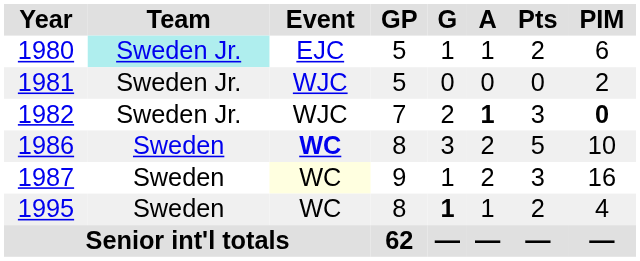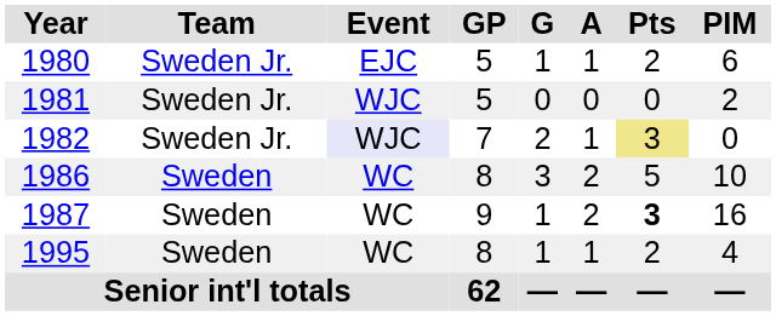 <table border="0" cellpadding="1" cellspacing="0" ID="Table3" style="text-align:center; width:25em">
 <tr bgcolor="#e0e0e0">
 <th>Year</th>
 <th>Team</th>
 <th>Event</th>
 <th>GP</th>
 <th>G</th>
 <th>A</th>
 <th>Pts</th>
 <th>PIM</th>
 </tr>
 <tr>
 <td><a href='#'>1980</a></td>
-<td style="background: paleturquoise;"><a href='#'>Sweden Jr.</a></td>
+<td><a href='#'>Sweden Jr.</a></td>
 <td><a href='#'>EJC</a></td>
 <td>5</td>
 <td>1</td>
 <td>1</td>
 <td>2</td>
 <td>6</td>
 </tr>
 <tr bgcolor="#f0f0f0">
 <td><a href='#'>1981</a></td>
 <td>Sweden Jr.</td>
 <td><a href='#'>WJC</a></td>
 <td>5</td>
 <td>0</td>
 <td>0</td>
 <td>0</td>
 <td>2</td>
 </tr>
 <tr>
 <td><a href='#'>1982</a></td>
 <td>Sweden Jr.</td>
-<td>WJC</td>
+<td style="background: lavender;">WJC</td>
 <td>7</td>
 <td>2</td>
-<td><strong>1</strong></td>
-<td>3</td>
-<td><strong>0</strong></td>
+<td>1</td>
+<td style="background: khaki;">3</td>
+<td>0</td>
 </tr>
 <tr bgcolor="#f0f0f0">
 <td><a href='#'>1986</a></td>
 <td><a href='#'>Sweden</a></td>
-<td><strong><a href='#'>WC</a></strong></td>
+<td><a href='#'>WC</a></td>
 <td>8</td>
 <td>3</td>
 <td>2</td>
 <td>5</td>
 <td>10</td>
 </tr>
 <tr>
 <td><a href='#'>1987</a></td>
 <td>Sweden</td>
-<td style="background: lightyellow;">WC</td>
+<td>WC</td>
 <td>9</td>
 <td>1</td>
 <td>2</td>
-<td>3</td>
+<td><strong>3</strong></td>
 <td>16</td>
 </tr>
 <tr bgcolor="#f0f0f0">
 <td><a href='#'>1995</a></td>
 <td>Sweden</td>
 <td>WC</td>
 <td>8</td>
-<td><strong>1</strong></td>
+<td>1</td>
 <td>1</td>
 <td>2</td>
 <td>4</td>
 </tr>
 <tr bgcolor="#e0e0e0">
 <th colspan="3">Senior int'l totals</th>
 <th>62</th>
 <th>—</th>
 <th>—</th>
 <th>—</th>
 <th>—</th>
 </tr>
 </table>
